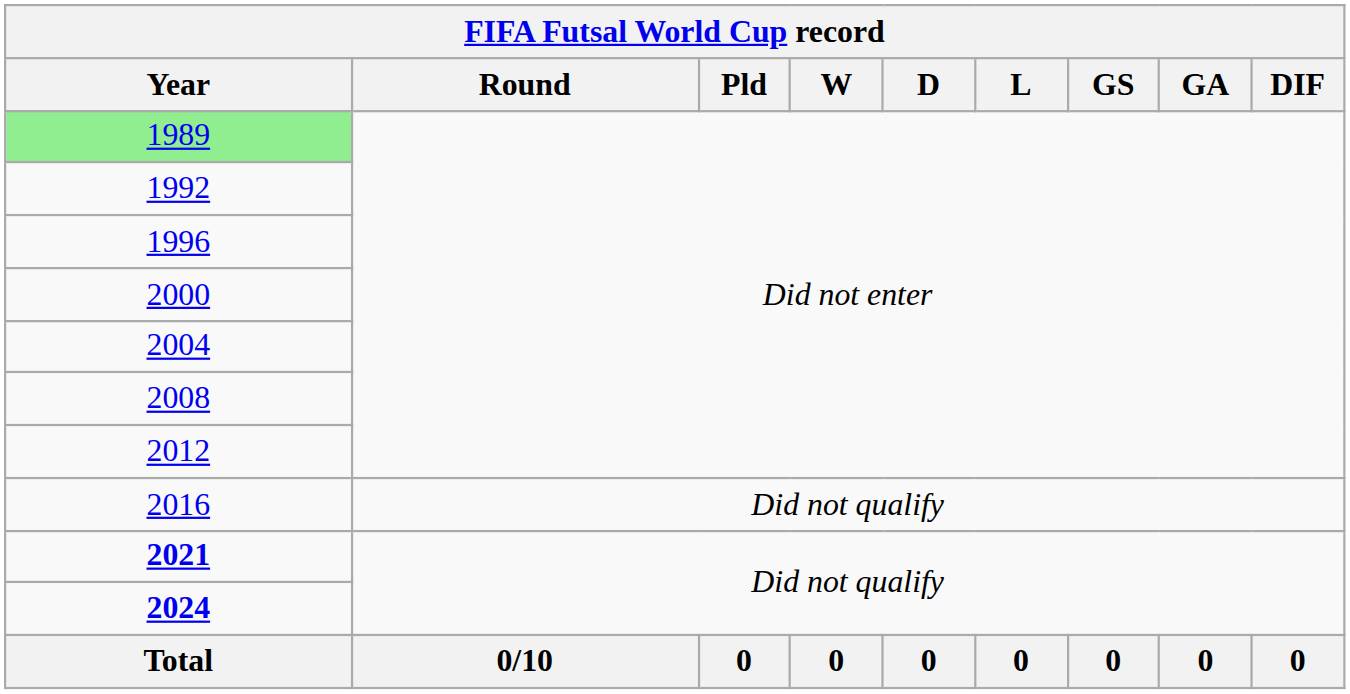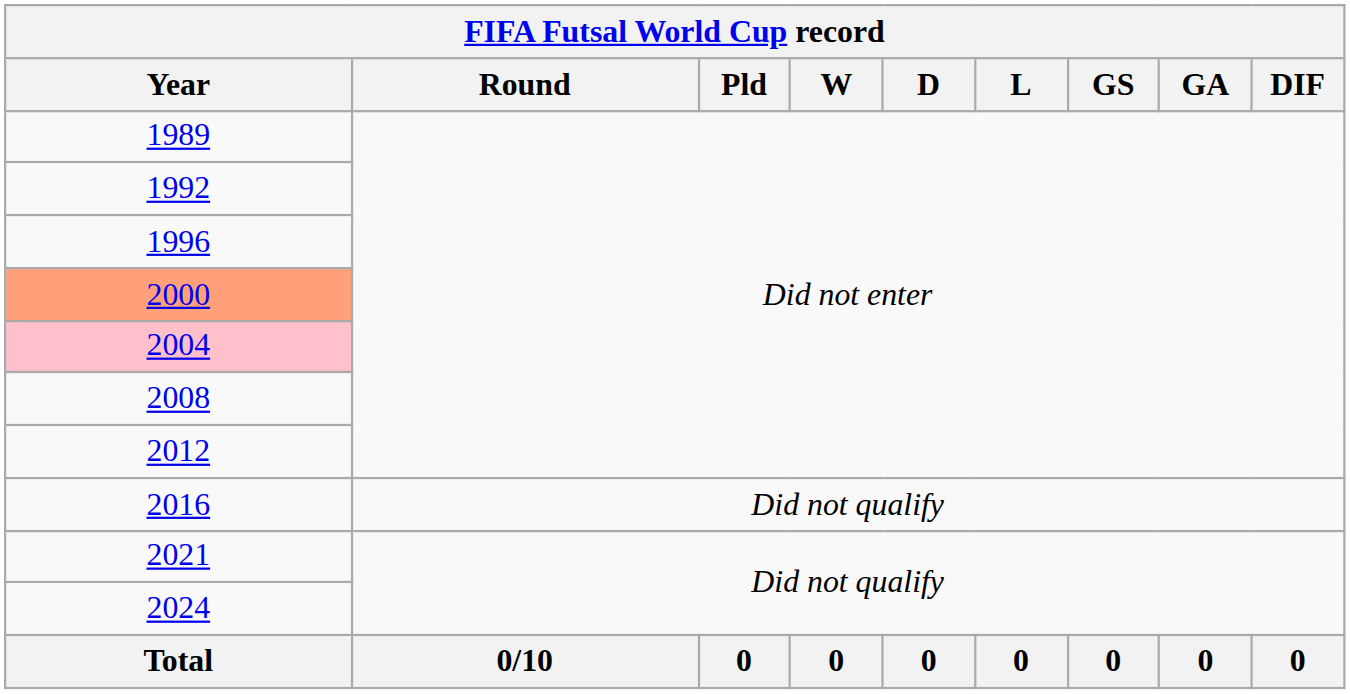 <table class="wikitable" style="text-align: center;font-size:90%;">
 <tr>
 <th colspan=9><a href='#'>FIFA Futsal World Cup</a> record</th>
 </tr>
 <tr>
 <th width=150>Year</th>
 <th width=150>Round</th>
 <th width=35>Pld</th>
 <th width=35>W</th>
 <th width=35>D</th>
 <th width=35>L</th>
 <th width=35>GS</th>
 <th width=35>GA</th>
 <th width=35>DIF</th>
 </tr>
 <tr>
-<td style="background: lightgreen;"> <a href='#'>1989</a></td>
+<td> <a href='#'>1989</a></td>
 <td colspan=8 rowspan=7><em>Did not enter</em></td>
 </tr>
 <tr>
 <td> <a href='#'>1992</a></td>
 </tr>
 <tr>
 <td> <a href='#'>1996</a></td>
 </tr>
 <tr>
-<td> <a href='#'>2000</a></td>
+<td style="background: lightsalmon;"> <a href='#'>2000</a></td>
 </tr>
 <tr>
-<td> <a href='#'>2004</a></td>
+<td style="background: pink;"> <a href='#'>2004</a></td>
 </tr>
 <tr>
 <td> <a href='#'>2008</a></td>
 </tr>
 <tr>
 <td> <a href='#'>2012</a></td>
 </tr>
 <tr>
 <td> <a href='#'>2016</a></td>
 <td colspan=8 rowspan=1><em>Did not qualify</em></td>
 </tr>
 <tr>
-<td><strong> <a href='#'>2021</a></strong></td>
+<td> <a href='#'>2021</a></td>
 <td colspan=8 rowspan=2><em>Did not qualify</em></td>
 </tr>
 <tr>
-<td><strong> <a href='#'>2024</a></strong></td>
+<td> <a href='#'>2024</a></td>
 </tr>
 <tr>
 <th><strong>Total</strong></th>
 <th>0/10</th>
 <th>0</th>
 <th>0</th>
 <th>0</th>
 <th>0</th>
 <th>0</th>
 <th>0</th>
 <th>0</th>
 </tr>
 </table>
